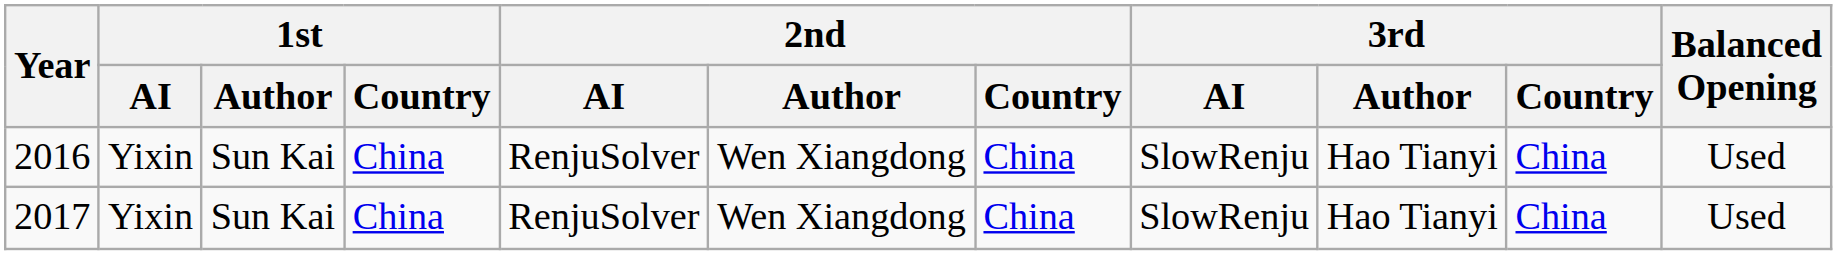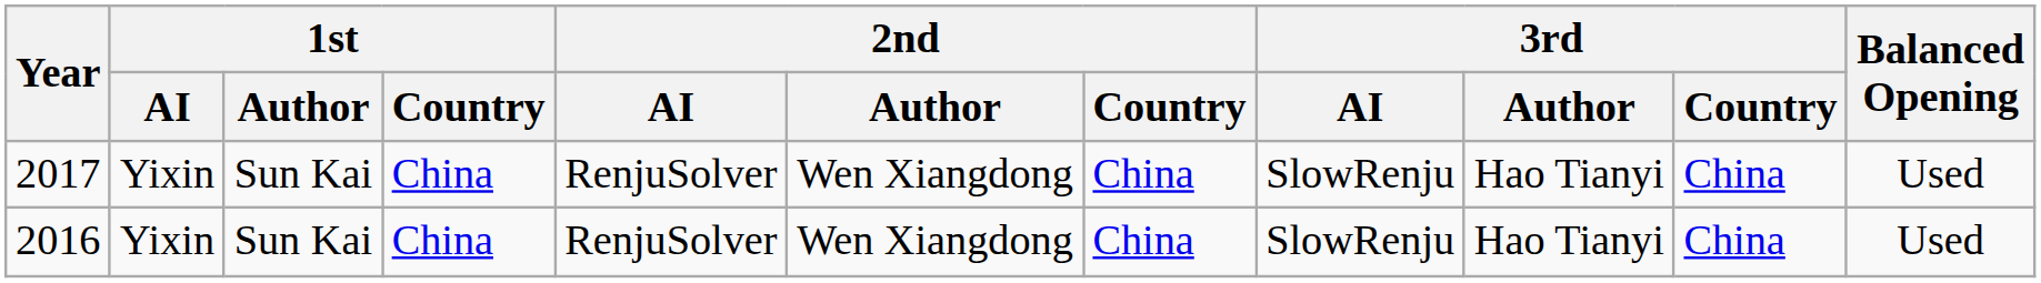 <table class="wikitable">
 <tr>
 <th rowspan="2">Year</th>
 <th colspan="3">1st</th>
 <th colspan="3">2nd</th>
 <th colspan="3">3rd</th>
 <th rowspan="2">Balanced<br>Opening</th>
 </tr>
 <tr>
 <th>AI</th>
 <th>Author</th>
 <th>Country</th>
 <th>AI</th>
 <th>Author</th>
 <th>Country</th>
 <th>AI</th>
 <th>Author</th>
 <th>Country</th>
 </tr>
 <tr>
+<td>2017</td>
+<td>Yixin</td>
+<td>Sun Kai</td>
+<td><a href='#'>China</a></td>
+<td>RenjuSolver</td>
+<td>Wen Xiangdong</td>
+<td><a href='#'>China</a></td>
+<td>SlowRenju</td>
+<td>Hao Tianyi</td>
+<td><a href='#'>China</a></td>
+<td align=center>Used</td>
+</tr>
+<tr>
 <td>2016</td>
 <td>Yixin</td>
 <td>Sun Kai</td>
 <td><a href='#'>China</a></td>
 <td>RenjuSolver</td>
 <td>Wen Xiangdong</td>
 <td><a href='#'>China</a></td>
 <td>SlowRenju</td>
 <td>Hao Tianyi</td>
 <td><a href='#'>China</a></td>
 <td align=center>Used</td>
 </tr>
-<tr>
-<td>2017</td>
-<td>Yixin</td>
-<td>Sun Kai</td>
-<td><a href='#'>China</a></td>
-<td>RenjuSolver</td>
-<td>Wen Xiangdong</td>
-<td><a href='#'>China</a></td>
-<td>SlowRenju</td>
-<td>Hao Tianyi</td>
-<td><a href='#'>China</a></td>
-<td align=center>Used</td>
-</tr>
 </table>
